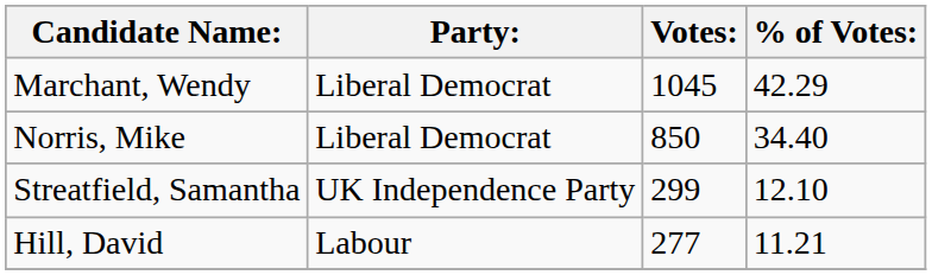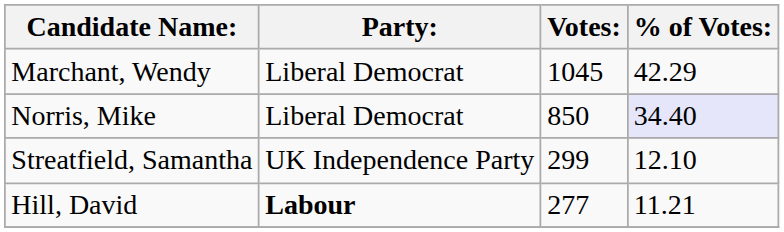 <table class="wikitable">
 <tr>
 <th>Candidate Name:</th>
 <th>Party:</th>
 <th>Votes:</th>
 <th>% of Votes:</th>
 </tr>
 <tr>
 <td>Marchant, Wendy</td>
 <td>Liberal Democrat</td>
 <td>1045</td>
 <td>42.29</td>
 </tr>
 <tr>
 <td>Norris, Mike</td>
 <td>Liberal Democrat</td>
 <td>850</td>
-<td>34.40</td>
+<td style="background: lavender;">34.40</td>
 </tr>
 <tr>
 <td>Streatfield, Samantha</td>
 <td>UK Independence Party</td>
 <td>299</td>
 <td>12.10</td>
 </tr>
 <tr>
 <td>Hill, David</td>
-<td>Labour</td>
+<td><strong>Labour</strong></td>
 <td>277</td>
 <td>11.21</td>
 </tr>
 <tr>
 </tr>
 </table>
